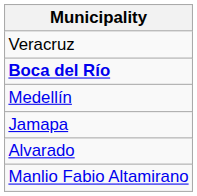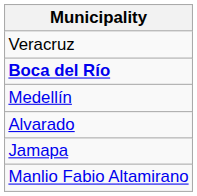 <table class="wikitable sortable">
 <tr>
 <th>Municipality</th>
 </tr>
 <tr>
 <td>Veracruz</td>
 </tr>
 <tr>
 <td><strong><a href='#'>Boca del Río</a></strong></td>
 </tr>
 <tr>
 <td><a href='#'>Medellín</a></td>
 </tr>
 <tr>
-<td><a href='#'>Jamapa</a></td>
+<td><a href='#'>Alvarado</a></td>
 </tr>
 <tr>
-<td><a href='#'>Alvarado</a></td>
+<td><a href='#'>Jamapa</a></td>
 </tr>
 <tr>
 <td><a href='#'>Manlio Fabio Altamirano</a></td>
 </tr>
 </table>
